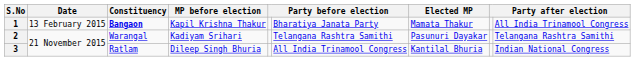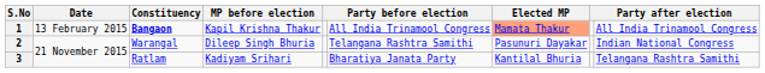 <table class="wikitable sortable">
 <tr>
 <th>S.No</th>
 <th>Date</th>
 <th>Constituency</th>
 <th>MP before election</th>
 <th colspan="2">Party before election</th>
 <th>Elected MP</th>
 <th colspan="2">Party after election</th>
 </tr>
 <tr>
 <th>1</th>
 <td>13 February 2015</td>
 <td><strong><a href='#'>Bangaon</a></strong></td>
 <td><a href='#'>Kapil Krishna Thakur</a></td>
 <td></td>
-<td><a href='#'>Bharatiya Janata Party</a></td>
-<td><a href='#'>Mamata Thakur</a></td>
+<td><a href='#'>All India Trinamool Congress</a></td>
+<td style="background: lightsalmon;"><a href='#'>Mamata Thakur</a></td>
 <td></td>
 <td><a href='#'>All India Trinamool Congress</a></td>
 </tr>
 <tr>
 <th>2</th>
 <td rowspan="2">21 November 2015</td>
 <td><a href='#'>Warangal</a></td>
-<td><a href='#'>Kadiyam Srihari</a></td>
+<td><a href='#'>Dileep Singh Bhuria</a></td>
 <td></td>
 <td><a href='#'>Telangana Rashtra Samithi</a></td>
 <td><a href='#'>Pasunuri Dayakar</a></td>
 <td></td>
-<td><a href='#'>Telangana Rashtra Samithi</a></td>
+<td><a href='#'>Indian National Congress</a></td>
 </tr>
 <tr>
 <th>3</th>
 <td><a href='#'>Ratlam</a></td>
-<td><a href='#'>Dileep Singh Bhuria</a></td>
+<td><a href='#'>Kadiyam Srihari</a></td>
 <td></td>
-<td><a href='#'>All India Trinamool Congress</a></td>
+<td><a href='#'>Bharatiya Janata Party</a></td>
 <td><a href='#'>Kantilal Bhuria</a></td>
 <td></td>
-<td><a href='#'>Indian National Congress</a></td>
+<td><a href='#'>Telangana Rashtra Samithi</a></td>
 </tr>
 </table>
